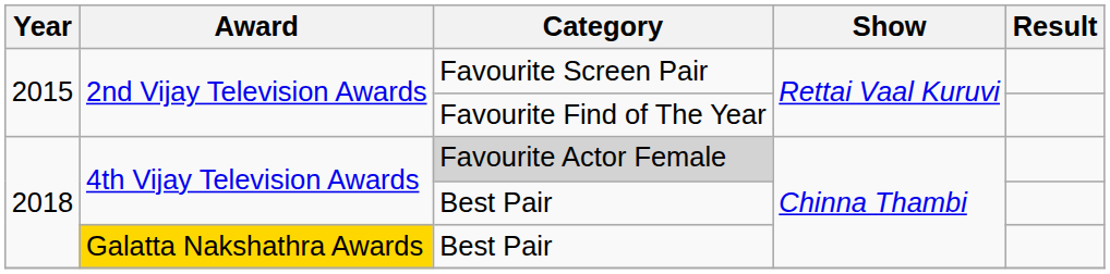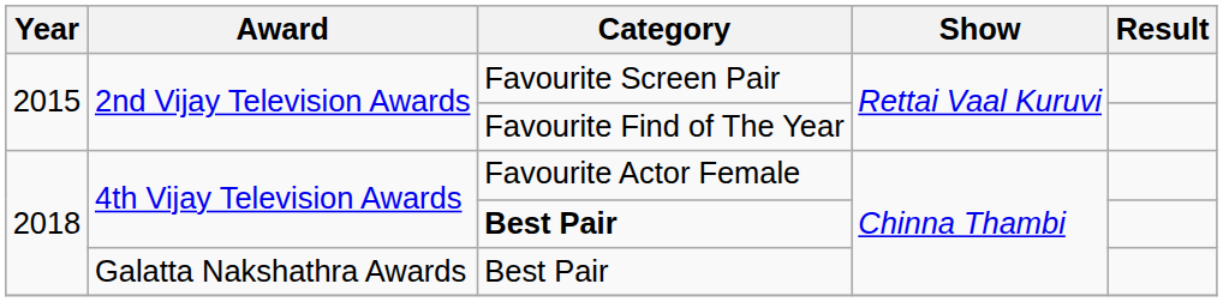 <table class="wikitable sortable">
 <tr>
 <th>Year</th>
 <th>Award</th>
 <th>Category</th>
 <th>Show</th>
 <th>Result</th>
 </tr>
 <tr>
 <td rowspan="2">2015</td>
 <td rowspan="2"><a href='#'>2nd Vijay Television Awards</a></td>
 <td>Favourite Screen Pair</td>
 <td rowspan="2"><em><a href='#'>Rettai Vaal Kuruvi</a></em></td>
 <td></td>
 </tr>
 <tr>
 <td>Favourite Find of The Year</td>
 <td></td>
 </tr>
 <tr>
 <td rowspan="3">2018</td>
 <td rowspan="2"><a href='#'>4th Vijay Television Awards</a></td>
-<td style="background: lightgrey;">Favourite Actor Female</td>
+<td>Favourite Actor Female</td>
 <td rowspan="3"><em><a href='#'>Chinna Thambi</a></em></td>
 <td></td>
 </tr>
 <tr>
-<td>Best Pair</td>
+<td><strong>Best Pair</strong></td>
 <td></td>
 </tr>
 <tr>
-<td style="background: gold;">Galatta Nakshathra Awards</td>
+<td>Galatta Nakshathra Awards</td>
 <td>Best Pair</td>
 <td></td>
 </tr>
 <tr>
 </tr>
 </table>
